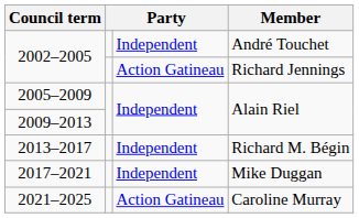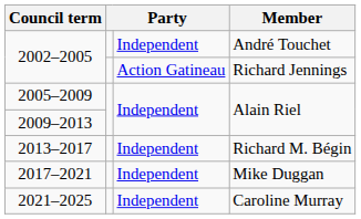 <table class="wikitable">
 <tr>
 <th>Council term</th>
 <th colspan="2">Party</th>
 <th>Member</th>
 </tr>
 <tr>
 <td rowspan="2" align="center">2002–2005</td>
 <td style="color:inherit;background-color:"></td>
 <td><a href='#'>Independent</a></td>
 <td>André Touchet</td>
 </tr>
 <tr>
 <td style="color:inherit;background-color:"></td>
 <td><a href='#'>Action Gatineau</a></td>
 <td>Richard Jennings</td>
 </tr>
 <tr>
 <td align="center">2005–2009</td>
 <td rowspan="2" style="color:inherit;background-color:"></td>
 <td rowspan="2"><a href='#'>Independent</a></td>
 <td rowspan="2">Alain Riel</td>
 </tr>
 <tr>
 <td align="center">2009–2013</td>
 </tr>
 <tr>
 <td align="center">2013–2017</td>
 <td style="color:inherit;background-color:"></td>
 <td><a href='#'>Independent</a></td>
 <td>Richard M. Bégin</td>
 </tr>
 <tr>
 <td align="center">2017–2021</td>
 <td style="color:inherit;background-color:"></td>
 <td><a href='#'>Independent</a></td>
 <td>Mike Duggan</td>
 </tr>
 <tr>
 <td align="center">2021–2025</td>
 <td style="color:inherit;background-color:"></td>
-<td><a href='#'>Action Gatineau</a></td>
+<td><a href='#'>Independent</a></td>
 <td>Caroline Murray</td>
 </tr>
 </table>
